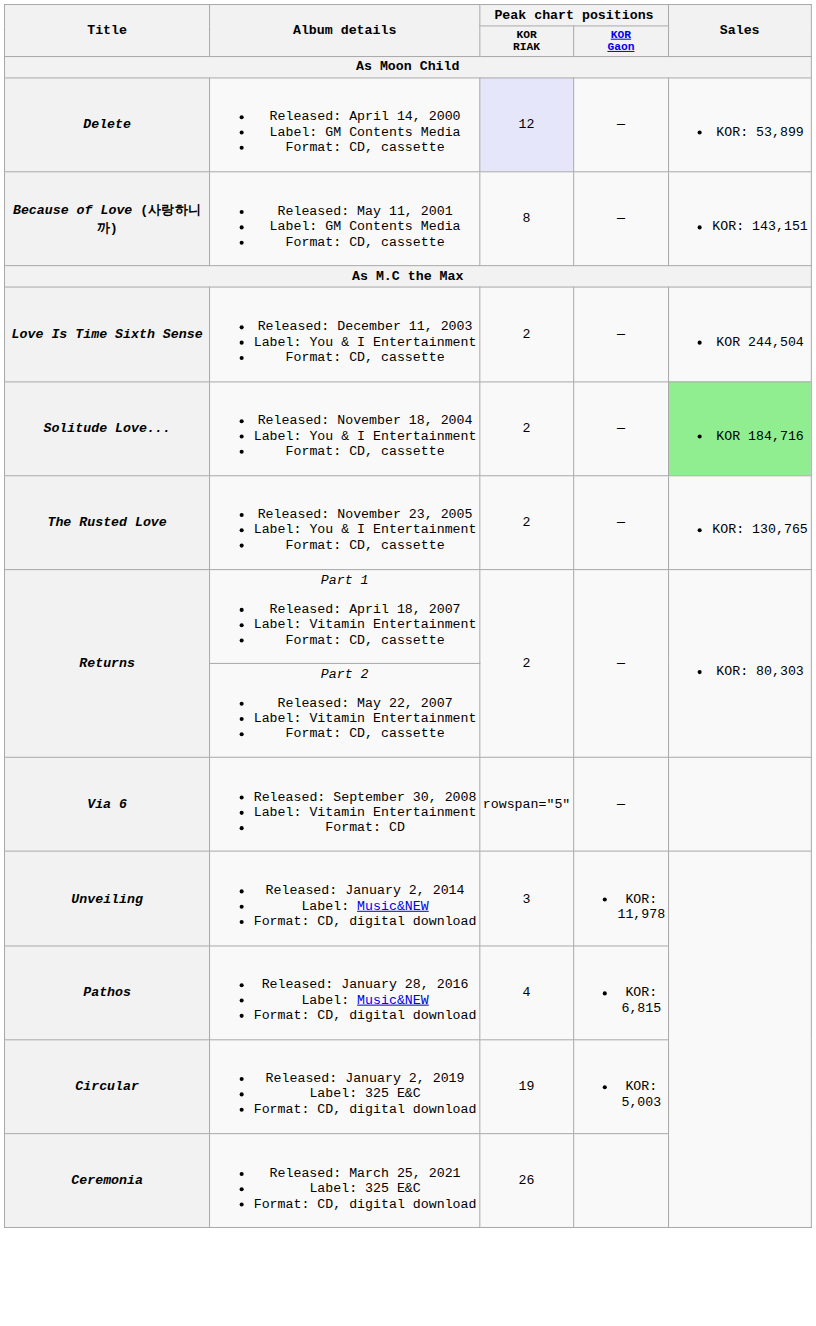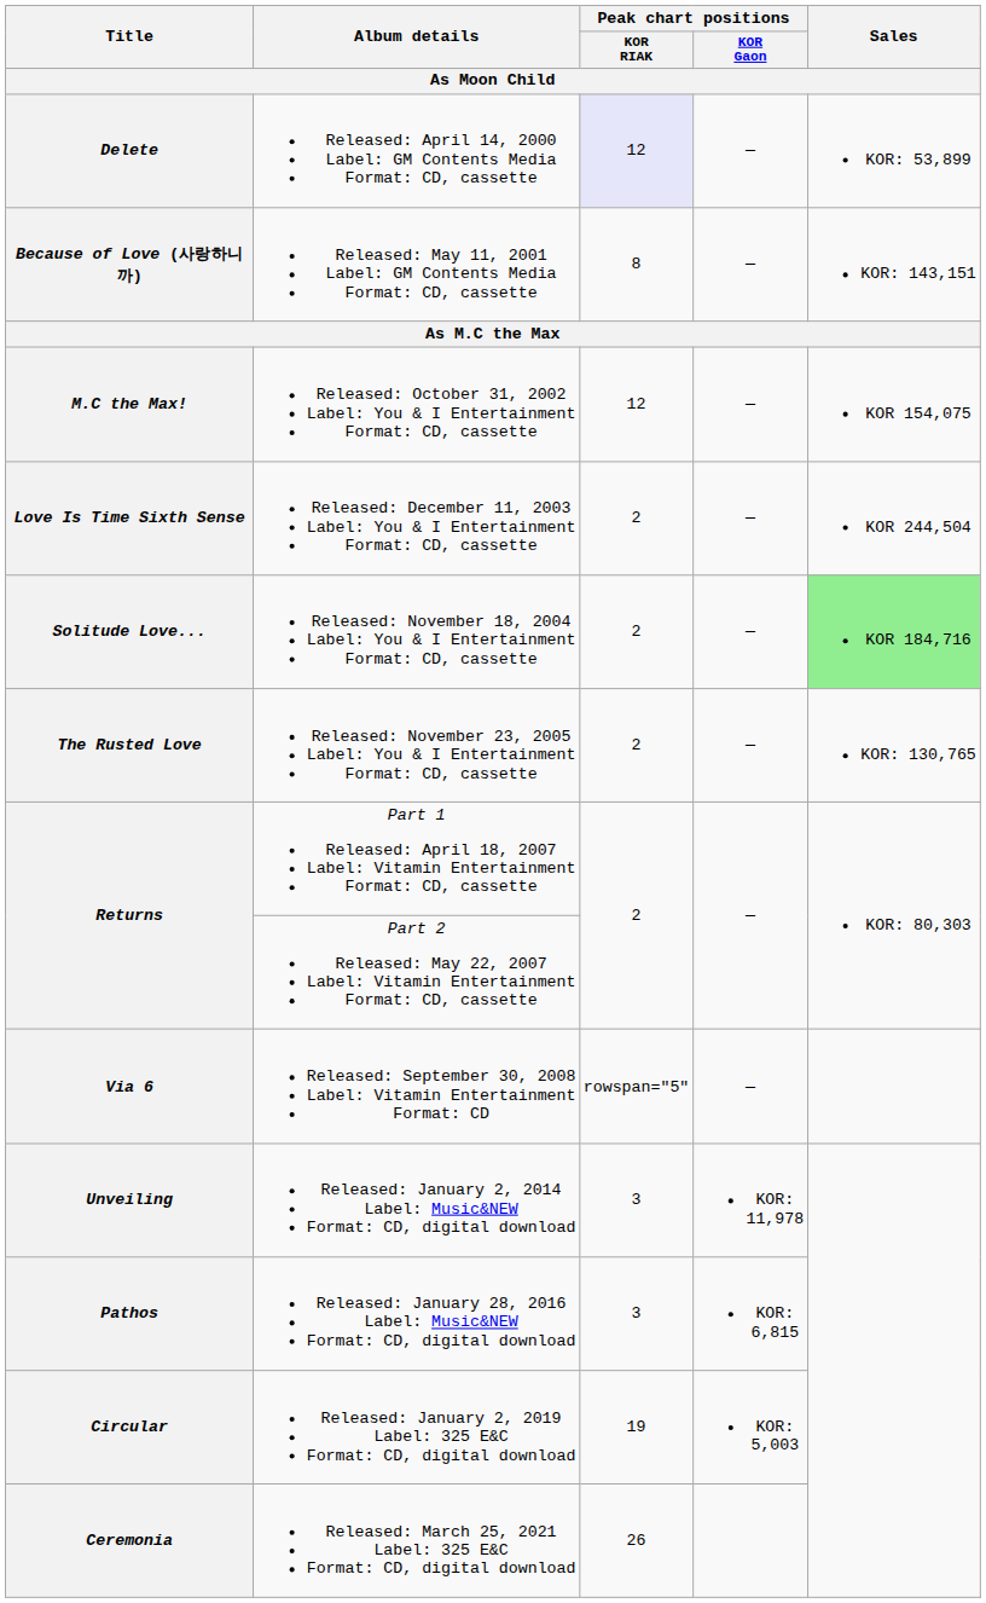 <table class="wikitable plainrowheaders" style="text-align:center;">
 <tr>
 <th scope="col" rowspan="2" style="width:15em;">Title</th>
 <th scope="col" rowspan="2">Album details</th>
 <th scope="col" colspan="2">Peak chart positions</th>
 <th scope="col" rowspan="2">Sales</th>
 </tr>
 <tr>
 <th scope="col" style="width:3em;font-size:85%;">KOR<br>RIAK<br></th>
 <th scope="col" style="width:3em;font-size:85%;"><a href='#'>KOR<br>Gaon</a><br></th>
 </tr>
 <tr>
 <th colspan="5">As Moon Child</th>
 </tr>
 <tr>
 <th scope="row"><em>Delete</em></th>
 <td><br><ul><li>Released: April 14, 2000</li><li>Label: GM Contents Media</li><li>Format: CD, cassette</li></ul></td>
 <td style="background: lavender;">12</td>
 <td>—</td>
 <td><br><ul><li>KOR: 53,899</li></ul></td>
 </tr>
 <tr>
 <th scope="row"><em>Because of Love</em> (사랑하니까)</th>
 <td><br><ul><li>Released: May 11, 2001</li><li>Label: GM Contents Media</li><li>Format: CD, cassette</li></ul></td>
 <td>8</td>
 <td>—</td>
 <td><br><ul><li>KOR: 143,151</li></ul></td>
 </tr>
 <tr>
 <th colspan="5">As M.C the Max</th>
+</tr>
+<tr>
+<th scope="row"><em>M.C the Max!</em></th>
+<td><br><ul><li>Released: October 31, 2002</li><li>Label: You & I Entertainment</li><li>Format: CD, cassette</li></ul></td>
+<td>12</td>
+<td>—</td>
+<td><br><ul><li>KOR 154,075</li></ul></td>
 </tr>
 <tr>
 <th scope="row"><em>Love Is Time Sixth Sense</em></th>
 <td><br><ul><li>Released: December 11, 2003</li><li>Label: You & I Entertainment</li><li>Format: CD, cassette</li></ul></td>
 <td>2</td>
 <td>—</td>
 <td><br><ul><li>KOR 244,504</li></ul></td>
 </tr>
 <tr>
 <th scope="row"><em>Solitude Love...</em></th>
 <td><br><ul><li>Released: November 18, 2004</li><li>Label: You & I Entertainment</li><li>Format: CD, cassette</li></ul></td>
 <td>2</td>
 <td>—</td>
 <td style="background: lightgreen;"><br><ul><li>KOR 184,716</li></ul></td>
 </tr>
 <tr>
 <th scope="row"><em>The Rusted Love</em></th>
 <td><br><ul><li>Released: November 23, 2005</li><li>Label: You & I Entertainment</li><li>Format: CD, cassette</li></ul></td>
 <td>2</td>
 <td>—</td>
 <td><br><ul><li>KOR: 130,765</li></ul></td>
 </tr>
 <tr>
 <th rowspan="2" scope="row"><em>Returns</em></th>
 <td><em>Part 1</em><br><ul><li>Released: April 18, 2007</li><li>Label: Vitamin Entertainment</li><li>Format: CD, cassette</li></ul></td>
 <td rowspan="2">2</td>
 <td rowspan="2">—</td>
 <td rowspan="2"><br><ul><li>KOR: 80,303</li></ul></td>
 </tr>
 <tr>
 <td><em>Part 2</em><br><ul><li>Released: May 22, 2007</li><li>Label: Vitamin Entertainment</li><li>Format: CD, cassette</li></ul></td>
 </tr>
 <tr>
 <th scope="row"><em>Via 6</em></th>
 <td><br><ul><li>Released: September 30, 2008</li><li>Label: Vitamin Entertainment</li><li>Format: CD</li></ul></td>
 <td>rowspan="5" </td>
 <td>—</td>
 <td></td>
 </tr>
 <tr>
 <th scope="row"><em>Unveiling</em></th>
 <td><br><ul><li>Released: January 2, 2014</li><li>Label: <a href='#'>Music&NEW</a></li><li>Format: CD, digital download</li></ul></td>
 <td>3</td>
 <td><br><ul><li>KOR: 11,978</li></ul></td>
 </tr>
 <tr>
 <th scope="row"><em>Pathos</em></th>
 <td><br><ul><li>Released: January 28, 2016</li><li>Label: <a href='#'>Music&NEW</a></li><li>Format: CD, digital download</li></ul></td>
-<td>4</td>
+<td>3</td>
 <td><br><ul><li>KOR: 6,815</li></ul></td>
 </tr>
 <tr>
 <th scope="row"><em>Circular</em></th>
 <td><br><ul><li>Released: January 2, 2019</li><li>Label: 325 E&C</li><li>Format: CD, digital download</li></ul></td>
 <td>19</td>
 <td><br><ul><li>KOR: 5,003</li></ul></td>
 </tr>
 <tr>
 <th scope="row"><em>Ceremonia</em></th>
 <td><br><ul><li>Released: March 25, 2021</li><li>Label: 325 E&C</li><li>Format: CD, digital download</li></ul></td>
 <td>26</td>
 <td></td>
 </tr>
 </table>
